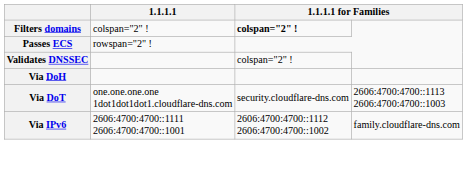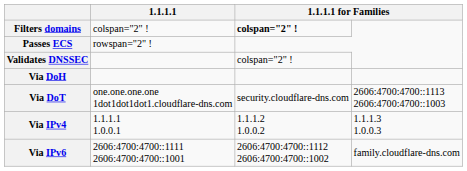 <table class="wikitable">
 <tr>
 <th></th>
 <th>1.1.1.1</th>
 <th colspan="2">1.1.1.1 for Families</th>
 </tr>
 <tr>
 <th>Filters <a href='#'>domains</a></th>
 <td>colspan="2" ! </td>
 <td><strong>colspan="2" ! </strong></td>
 </tr>
 <tr>
 <th>Passes <a href='#'>ECS</a></th>
 <td>rowspan="2" ! </td>
 </tr>
 <tr>
 <th>Validates <a href='#'>DNSSEC</a></th>
 <td></td>
 <td>colspan="2" ! </td>
 </tr>
 <tr>
 <th>Via <a href='#'>DoH</a></th>
 <td></td>
 <td></td>
 <td></td>
 </tr>
 <tr>
 <th>Via <a href='#'>DoT</a></th>
 <td>one.one.one.one<br>1dot1dot1dot1.cloudflare-dns.com</td>
 <td>security.cloudflare-dns.com</td>
 <td>2606:4700:4700::1113<br>2606:4700:4700::1003</td>
 </tr>
 <tr>
+<th>Via <a href='#'>IPv4</a></th>
+<td>1.1.1.1<br>1.0.0.1</td>
+<td>1.1.1.2<br>1.0.0.2</td>
+<td>1.1.1.3<br>1.0.0.3</td>
+</tr>
+<tr>
 <th>Via <a href='#'>IPv6</a></th>
 <td>2606:4700:4700::1111<br>2606:4700:4700::1001</td>
 <td>2606:4700:4700::1112<br>2606:4700:4700::1002</td>
 <td>family.cloudflare-dns.com</td>
 </tr>
 </table>
